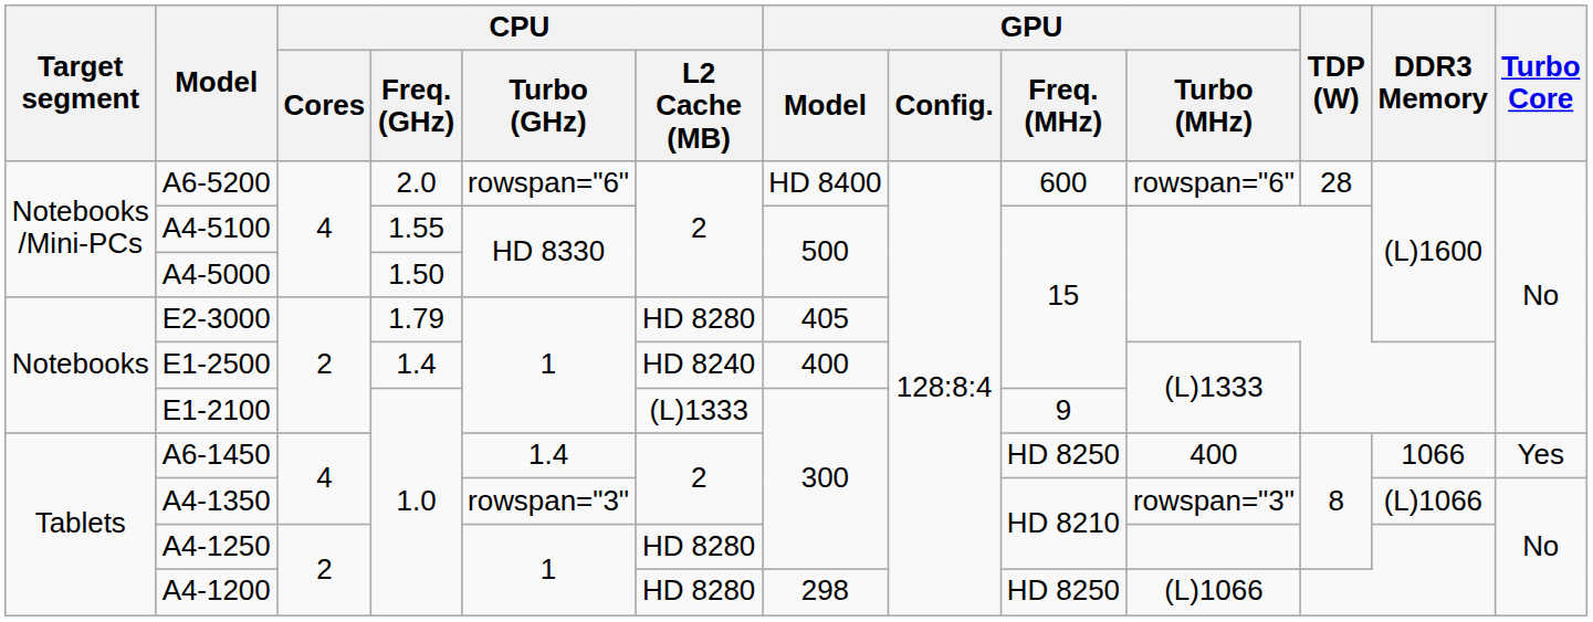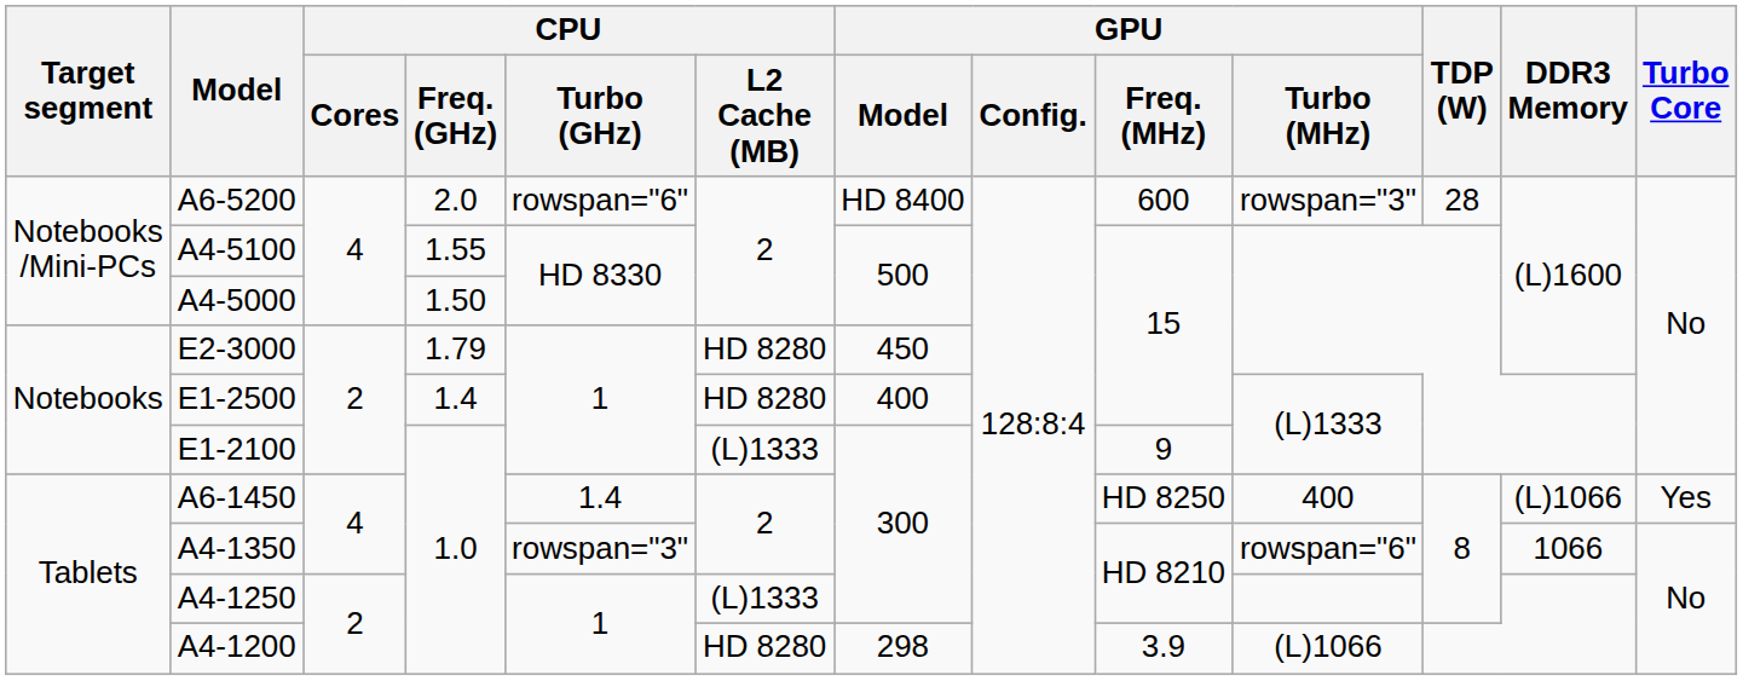 <table class="wikitable" style="text-align:center">
 <tr>
 <th rowspan="2">Target<br>segment</th>
 <th rowspan="2">Model</th>
 <th colspan="4">CPU</th>
 <th colspan="4">GPU</th>
 <th rowspan="2">TDP<br>(W)</th>
 <th rowspan="2">DDR3<br>Memory</th>
 <th rowspan="2"><a href='#'>Turbo</a><br><a href='#'>Core</a></th>
 </tr>
 <tr>
 <th>Cores</th>
 <th>Freq.<br>(GHz)</th>
 <th>Turbo<br>(GHz)</th>
 <th>L2<br>Cache<br>(MB)</th>
 <th>Model</th>
 <th>Config.</th>
 <th>Freq.<br>(MHz)</th>
 <th>Turbo<br>(MHz)</th>
 </tr>
 <tr>
 <td rowspan="3">Notebooks<br>/Mini-PCs</td>
 <td>A6-5200</td>
 <td rowspan="3">4</td>
 <td>2.0</td>
 <td>rowspan="6" </td>
 <td rowspan="3">2</td>
 <td>HD 8400</td>
 <td rowspan="10">128:8:4</td>
 <td>600</td>
-<td>rowspan="6" </td>
+<td>rowspan="3" </td>
 <td>28</td>
 <td rowspan="4">(L)1600</td>
 <td rowspan="6">No</td>
 </tr>
 <tr>
 <td>A4-5100</td>
 <td>1.55</td>
 <td rowspan="2">HD 8330</td>
 <td rowspan="2">500</td>
 <td rowspan="4">15</td>
 </tr>
 <tr>
 <td>A4-5000</td>
 <td>1.50</td>
 </tr>
 <tr>
 <td rowspan="3">Notebooks</td>
 <td>E2-3000</td>
 <td rowspan="3">2</td>
 <td>1.79</td>
 <td rowspan="3">1</td>
 <td>HD 8280</td>
-<td>405</td>
+<td>450</td>
 </tr>
 <tr>
 <td>E1-2500</td>
 <td>1.4</td>
-<td>HD 8240</td>
+<td>HD 8280</td>
 <td>400</td>
 <td rowspan="2">(L)1333</td>
 </tr>
 <tr>
 <td>E1-2100</td>
 <td rowspan="5">1.0</td>
 <td>(L)1333</td>
 <td rowspan="4">300</td>
 <td>9</td>
 </tr>
 <tr>
 <td rowspan="4">Tablets</td>
 <td>A6-1450</td>
 <td rowspan="2">4</td>
 <td>1.4</td>
 <td rowspan="2">2</td>
 <td>HD 8250</td>
 <td>400</td>
 <td rowspan="3">8</td>
-<td>1066</td>
+<td>(L)1066</td>
 <td>Yes</td>
 </tr>
 <tr>
 <td>A4-1350</td>
 <td>rowspan="3" </td>
 <td rowspan="2">HD 8210</td>
-<td>rowspan="3" </td>
-<td>(L)1066</td>
+<td>rowspan="6" </td>
+<td>1066</td>
 <td rowspan="3">No</td>
 </tr>
 <tr>
 <td>A4-1250</td>
 <td rowspan="2">2</td>
 <td rowspan="2">1</td>
-<td>HD 8280</td>
+<td>(L)1333</td>
 </tr>
 <tr>
 <td>A4-1200</td>
 <td>HD 8280</td>
 <td>298</td>
-<td>HD 8250</td>
+<td>3.9</td>
 <td>(L)1066</td>
 </tr>
 </table>
